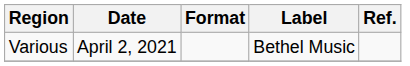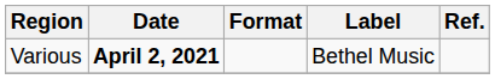 <table class="wikitable plainrowheaders">
 <tr>
 <th scope="col">Region</th>
 <th scope="col">Date</th>
 <th scope="col">Format</th>
 <th scope="col">Label</th>
 <th scope="col">Ref.</th>
 </tr>
 <tr>
 <td>Various</td>
-<td>April 2, 2021</td>
+<td><strong>April 2, 2021</strong></td>
 <td></td>
 <td>Bethel Music</td>
 <td></td>
 </tr>
 <tr>
 </tr>
 </table>
